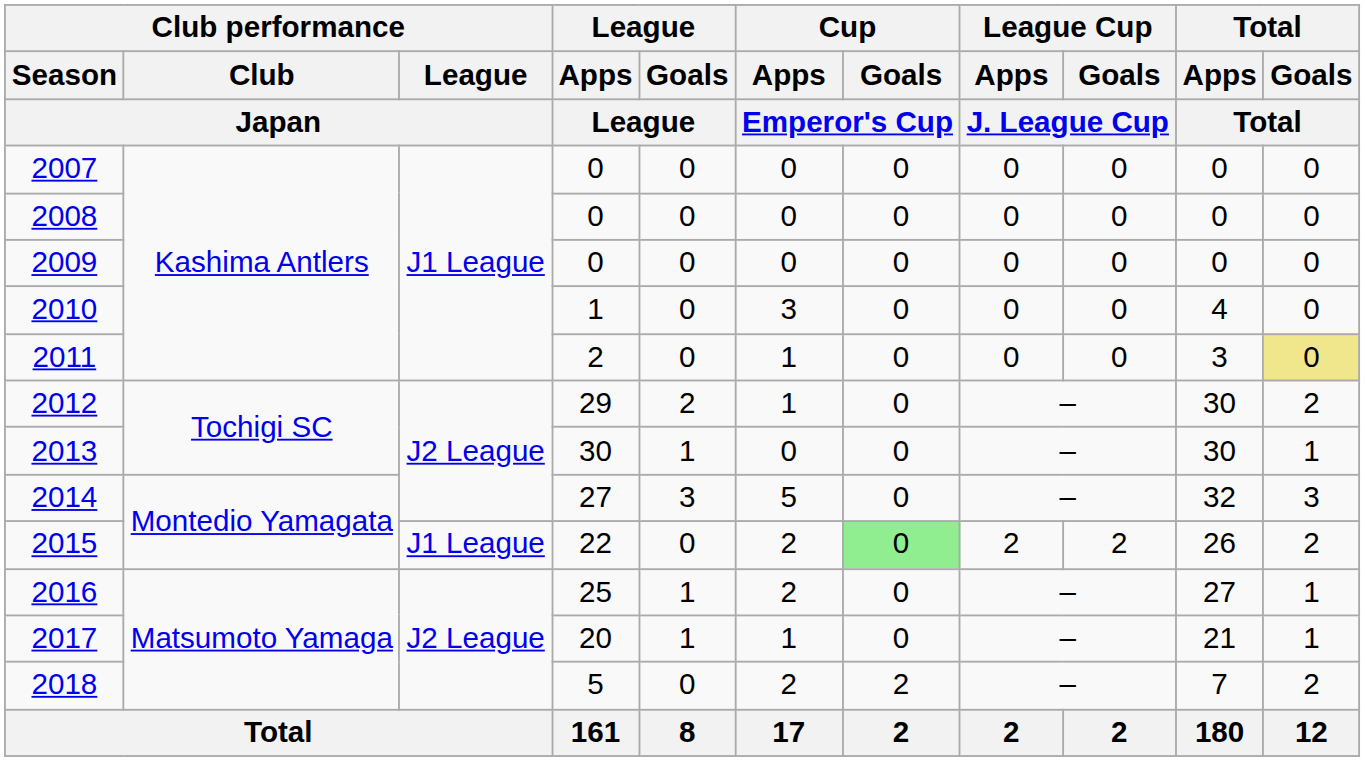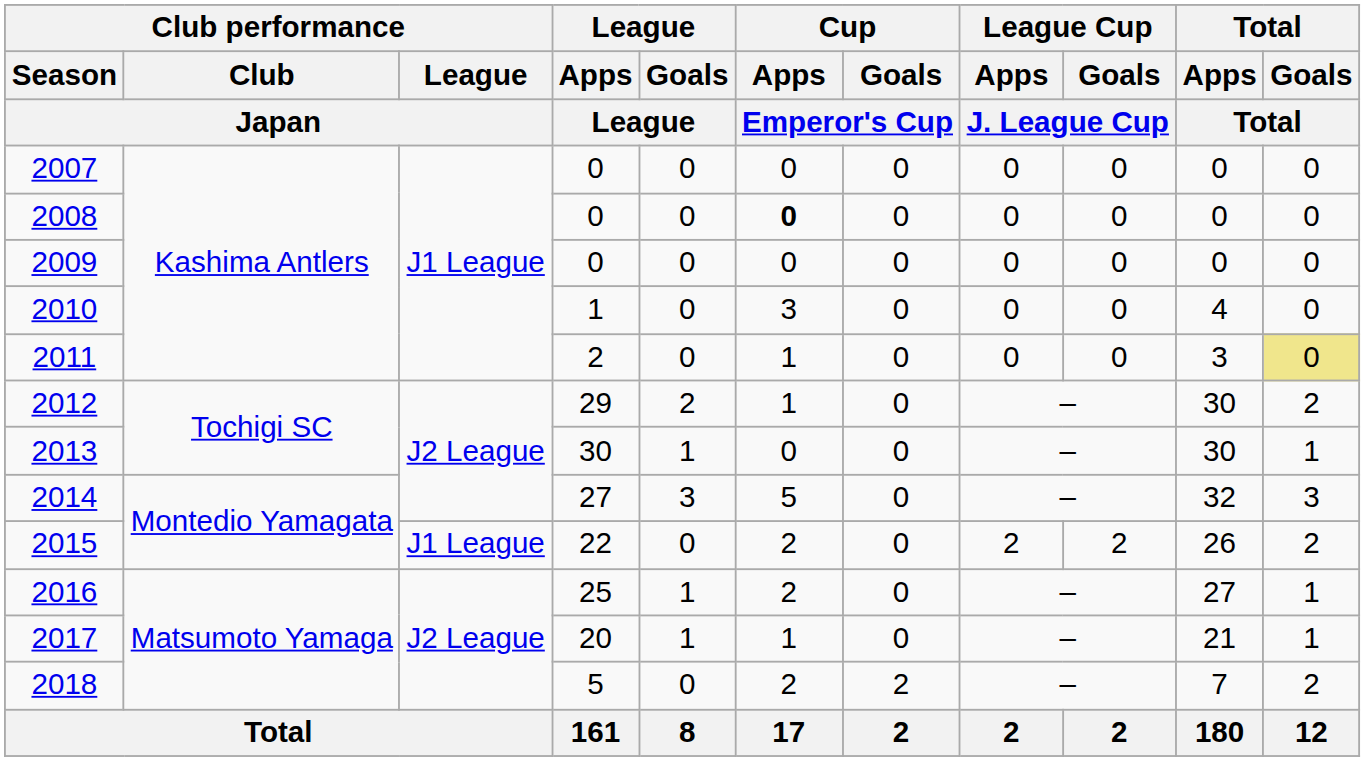 <table class="wikitable" style="text-align:center;">
 <tr>
 <th colspan=3>Club performance</th>
 <th colspan=2>League</th>
 <th colspan=2>Cup</th>
 <th colspan=2>League Cup</th>
 <th colspan=2>Total</th>
 </tr>
 <tr>
 <th>Season</th>
 <th>Club</th>
 <th>League</th>
 <th>Apps</th>
 <th>Goals</th>
 <th>Apps</th>
 <th>Goals</th>
 <th>Apps</th>
 <th>Goals</th>
 <th>Apps</th>
 <th>Goals</th>
 </tr>
 <tr>
 <th colspan=3>Japan</th>
 <th colspan=2>League</th>
 <th colspan=2><a href='#'>Emperor's Cup</a></th>
 <th colspan=2><a href='#'>J. League Cup</a></th>
 <th colspan=2>Total</th>
 </tr>
 <tr>
 <td><a href='#'>2007</a></td>
 <td rowspan="5"><a href='#'>Kashima Antlers</a></td>
 <td rowspan="5"><a href='#'>J1 League</a></td>
 <td>0</td>
 <td>0</td>
 <td>0</td>
 <td>0</td>
 <td>0</td>
 <td>0</td>
 <td>0</td>
 <td>0</td>
 </tr>
 <tr>
 <td><a href='#'>2008</a></td>
 <td>0</td>
 <td>0</td>
-<td>0</td>
+<td><strong>0</strong></td>
 <td>0</td>
 <td>0</td>
 <td>0</td>
 <td>0</td>
 <td>0</td>
 </tr>
 <tr>
 <td><a href='#'>2009</a></td>
 <td>0</td>
 <td>0</td>
 <td>0</td>
 <td>0</td>
 <td>0</td>
 <td>0</td>
 <td>0</td>
 <td>0</td>
 </tr>
 <tr>
 <td><a href='#'>2010</a></td>
 <td>1</td>
 <td>0</td>
 <td>3</td>
 <td>0</td>
 <td>0</td>
 <td>0</td>
 <td>4</td>
 <td>0</td>
 </tr>
 <tr>
 <td><a href='#'>2011</a></td>
 <td>2</td>
 <td>0</td>
 <td>1</td>
 <td>0</td>
 <td>0</td>
 <td>0</td>
 <td>3</td>
 <td style="background: khaki;">0</td>
 </tr>
 <tr>
 <td><a href='#'>2012</a></td>
 <td rowspan="2"><a href='#'>Tochigi SC</a></td>
 <td rowspan="3"><a href='#'>J2 League</a></td>
 <td>29</td>
 <td>2</td>
 <td>1</td>
 <td>0</td>
 <td colspan="2">–</td>
 <td>30</td>
 <td>2</td>
 </tr>
 <tr>
 <td><a href='#'>2013</a></td>
 <td>30</td>
 <td>1</td>
 <td>0</td>
 <td>0</td>
 <td colspan="2">–</td>
 <td>30</td>
 <td>1</td>
 </tr>
 <tr>
 <td><a href='#'>2014</a></td>
 <td rowspan="2"><a href='#'>Montedio Yamagata</a></td>
 <td>27</td>
 <td>3</td>
 <td>5</td>
 <td>0</td>
 <td colspan="2">–</td>
 <td>32</td>
 <td>3</td>
 </tr>
 <tr>
 <td><a href='#'>2015</a></td>
 <td><a href='#'>J1 League</a></td>
 <td>22</td>
 <td>0</td>
 <td>2</td>
-<td style="background: lightgreen;">0</td>
+<td>0</td>
 <td>2</td>
 <td>2</td>
 <td>26</td>
 <td>2</td>
 </tr>
 <tr>
 <td><a href='#'>2016</a></td>
 <td rowspan="3"><a href='#'>Matsumoto Yamaga</a></td>
 <td rowspan="3"><a href='#'>J2 League</a></td>
 <td>25</td>
 <td>1</td>
 <td>2</td>
 <td>0</td>
 <td colspan="2">–</td>
 <td>27</td>
 <td>1</td>
 </tr>
 <tr>
 <td><a href='#'>2017</a></td>
 <td>20</td>
 <td>1</td>
 <td>1</td>
 <td>0</td>
 <td colspan="2">–</td>
 <td>21</td>
 <td>1</td>
 </tr>
 <tr>
 <td><a href='#'>2018</a></td>
 <td>5</td>
 <td>0</td>
 <td>2</td>
 <td>2</td>
 <td colspan="2">–</td>
 <td>7</td>
 <td>2</td>
 </tr>
 <tr>
 <th colspan=3>Total</th>
 <th>161</th>
 <th>8</th>
 <th>17</th>
 <th>2</th>
 <th>2</th>
 <th>2</th>
 <th>180</th>
 <th>12</th>
 </tr>
 </table>
